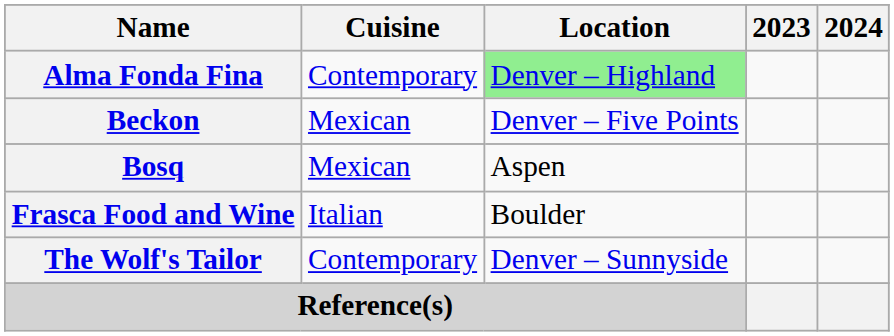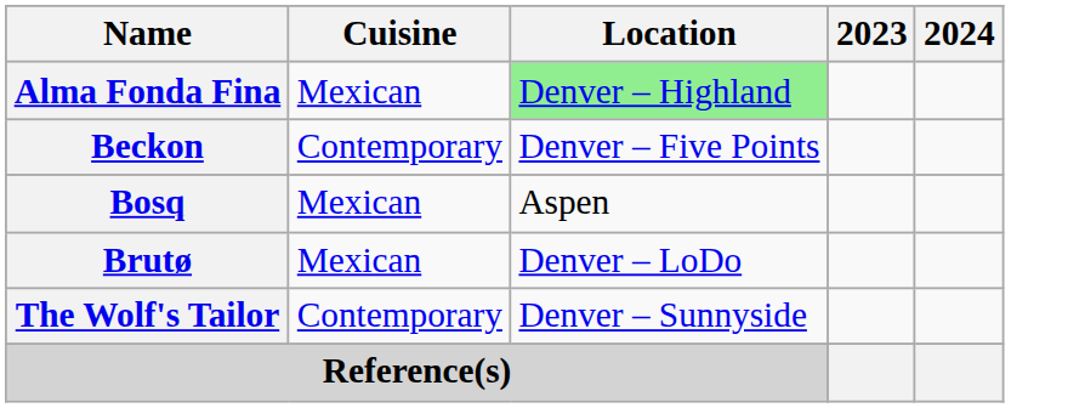 <table class="wikitable sortable plainrowheaders" style="text-align:left;"">
 <tr>
 <th scope="col">Name</th>
 <th scope="col">Cuisine</th>
 <th scope="col">Location</th>
 <th scope="col">2023</th>
 <th scope="col">2024</th>
 </tr>
 <tr>
 <th scope="row"><a href='#'>Alma Fonda Fina</a></th>
-<td><a href='#'>Contemporary</a></td>
+<td><a href='#'>Mexican</a></td>
 <td style="background: lightgreen;"><a href='#'>Denver – Highland</a></td>
 <td></td>
 <td></td>
 </tr>
 <tr>
 <th scope="row"><a href='#'>Beckon</a></th>
-<td><a href='#'>Mexican</a></td>
+<td><a href='#'>Contemporary</a></td>
 <td><a href='#'>Denver – Five Points</a></td>
 <td></td>
 <td></td>
 </tr>
 <tr>
 <th scope="row"><a href='#'>Bosq</a></th>
 <td><a href='#'>Mexican</a></td>
 <td>Aspen</td>
 <td></td>
 <td></td>
 </tr>
 <tr>
-<th scope="row"><a href='#'>Frasca Food and Wine</a></th>
-<td><a href='#'>Italian</a></td>
-<td>Boulder</td>
+<th scope="row"><a href='#'>Brutø</a></th>
+<td><a href='#'>Mexican</a></td>
+<td><a href='#'>Denver – LoDo</a></td>
 <td></td>
 <td></td>
 </tr>
 <tr>
 <th scope="row"><a href='#'>The Wolf's Tailor</a></th>
 <td><a href='#'>Contemporary</a></td>
 <td><a href='#'>Denver – Sunnyside</a></td>
 <td></td>
 <td></td>
 </tr>
 <tr>
 <th colspan="3" style="text-align: center;background: lightgray;">Reference(s)</th>
 <th></th>
 <th></th>
 </tr>
 </table>
